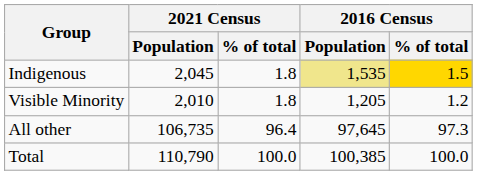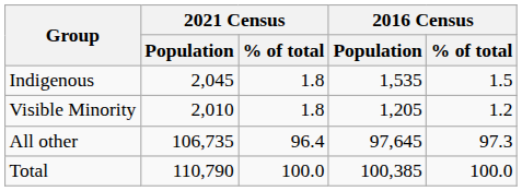 <table class="wikitable" style="text-align:right">
 <tr>
 <th rowspan = "2">Group</th>
 <th colspan = "2">2021 Census</th>
 <th colspan = "2">2016 Census</th>
 </tr>
 <tr>
 <th>Population</th>
 <th>% of total</th>
 <th>Population</th>
 <th>% of total</th>
 </tr>
 <tr>
 <td style="text-align:left;">Indigenous</td>
 <td>2,045</td>
 <td>1.8</td>
-<td style="background: khaki;">1,535</td>
-<td style="background: gold;">1.5</td>
+<td>1,535</td>
+<td>1.5</td>
 </tr>
 <tr>
 <td style="text-align:left;">Visible Minority</td>
 <td>2,010</td>
 <td>1.8</td>
 <td>1,205</td>
 <td>1.2</td>
 </tr>
 <tr>
 <td style="text-align:left;">All other</td>
 <td>106,735</td>
 <td>96.4</td>
 <td>97,645</td>
 <td>97.3</td>
 </tr>
 <tr>
 <td style="text-align:left;">Total</td>
 <td>110,790</td>
 <td>100.0</td>
 <td>100,385</td>
 <td>100.0</td>
 </tr>
 </table>
